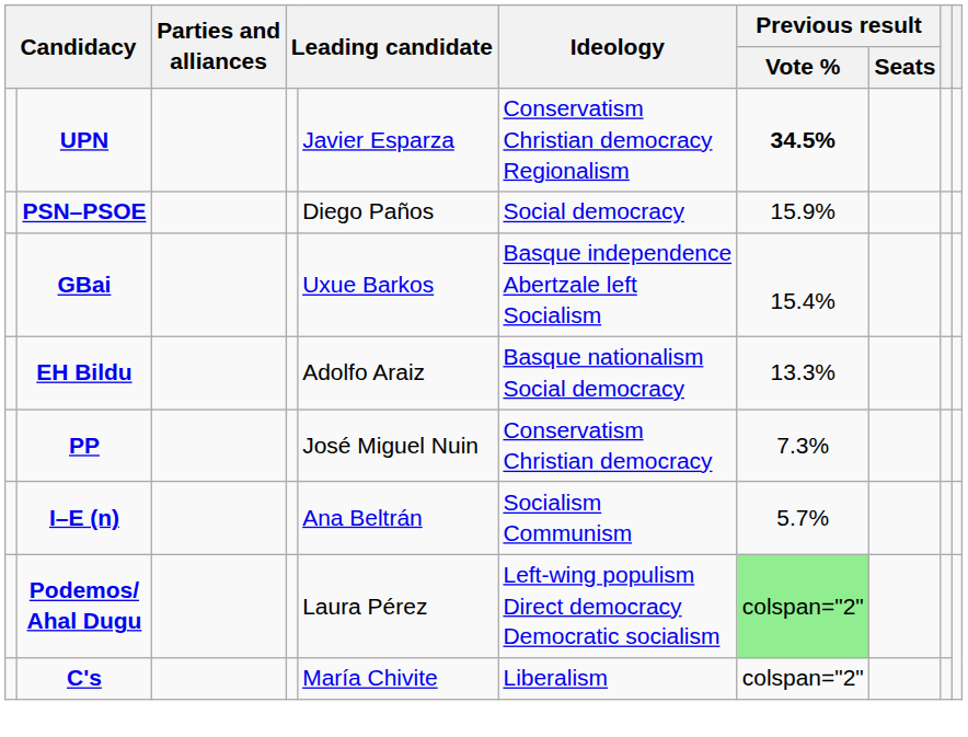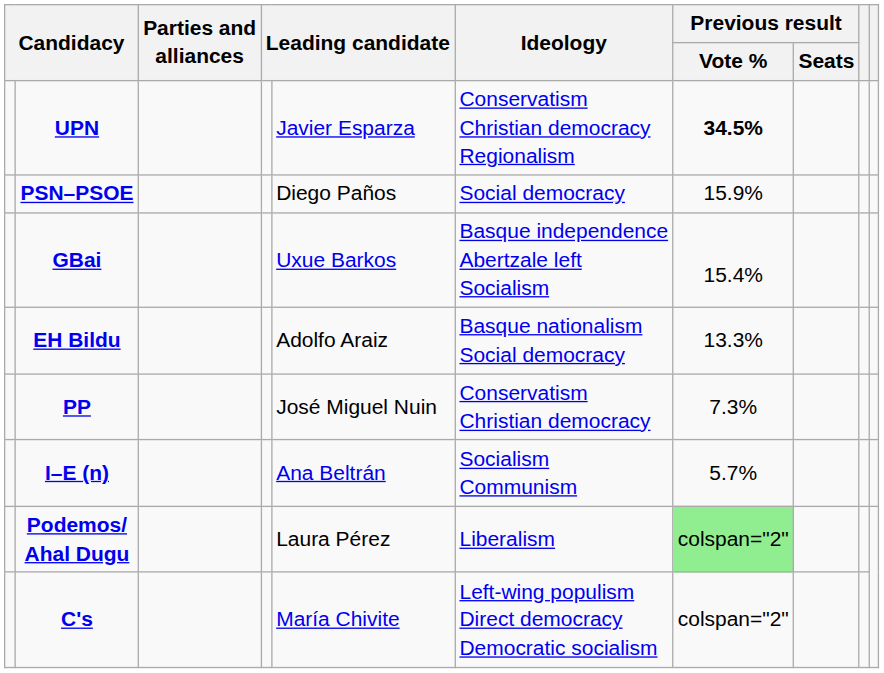 <table class="wikitable" style="line-height:1.35em; text-align:left;">
 <tr>
 <th colspan="2" rowspan="2">Candidacy</th>
 <th rowspan="2">Parties and<br>alliances</th>
 <th colspan="2" rowspan="2">Leading candidate</th>
 <th rowspan="2">Ideology</th>
 <th colspan="2">Previous result</th>
 <th rowspan="2"></th>
 <th rowspan="2"></th>
 </tr>
 <tr>
 <th>Vote %</th>
 <th>Seats</th>
 </tr>
 <tr>
 <td width="1" style="color:inherit;background:"></td>
 <td align="center"><strong><a href='#'>UPN</a></strong></td>
 <td></td>
 <td></td>
 <td><a href='#'>Javier Esparza</a></td>
 <td><a href='#'>Conservatism</a><br><a href='#'>Christian democracy</a><br><a href='#'>Regionalism</a></td>
 <td align="center"><strong>34.5%</strong></td>
 <td></td>
 <td></td>
 <td><br></td>
 </tr>
 <tr>
 <td style="color:inherit;background:"></td>
 <td align="center"><strong><a href='#'>PSN–PSOE</a></strong></td>
 <td></td>
 <td></td>
 <td>Diego Paños</td>
 <td><a href='#'>Social democracy</a></td>
 <td align="center">15.9%</td>
 <td></td>
 <td></td>
 <td><br></td>
 </tr>
 <tr>
 <td style="color:inherit;background:"></td>
 <td align="center"><strong><a href='#'>GBai</a></strong></td>
 <td></td>
 <td></td>
 <td><a href='#'>Uxue Barkos</a></td>
 <td><a href='#'>Basque independence</a><br><a href='#'>Abertzale left</a><br><a href='#'>Socialism</a></td>
 <td align="center"><br>15.4%<br></td>
 <td></td>
 <td></td>
 <td><br></td>
 </tr>
 <tr>
 <td style="color:inherit;background:"></td>
 <td align="center"><strong><a href='#'>EH Bildu</a></strong></td>
 <td></td>
 <td></td>
 <td>Adolfo Araiz</td>
 <td><a href='#'>Basque nationalism</a><br><a href='#'>Social democracy</a></td>
 <td align="center">13.3%</td>
 <td></td>
 <td></td>
 <td></td>
 </tr>
 <tr>
 <td style="color:inherit;background:"></td>
 <td align="center"><strong><a href='#'>PP</a></strong></td>
 <td></td>
 <td></td>
 <td>José Miguel Nuin</td>
 <td><a href='#'>Conservatism</a><br><a href='#'>Christian democracy</a></td>
 <td align="center">7.3%</td>
 <td></td>
 <td></td>
 <td></td>
 </tr>
 <tr>
 <td style="color:inherit;background:"></td>
 <td align="center"><strong><a href='#'>I–E (n)</a></strong></td>
 <td></td>
 <td></td>
 <td><a href='#'>Ana Beltrán</a></td>
 <td><a href='#'>Socialism</a><br><a href='#'>Communism</a></td>
 <td align="center">5.7%</td>
 <td></td>
 <td></td>
 <td></td>
 </tr>
 <tr>
 <td style="color:inherit;background:"></td>
 <td align="center"><strong><a href='#'>Podemos/<br>Ahal Dugu</a></strong></td>
 <td></td>
 <td></td>
 <td>Laura Pérez</td>
-<td><a href='#'>Left-wing populism</a><br><a href='#'>Direct democracy</a><br><a href='#'>Democratic socialism</a></td>
+<td><a href='#'>Liberalism</a></td>
 <td style="background: lightgreen;">colspan="2" </td>
 <td></td>
 <td></td>
 </tr>
 <tr>
 <td style="color:inherit;background:"></td>
 <td align="center"><strong><a href='#'>C's</a></strong></td>
 <td></td>
 <td></td>
 <td><a href='#'>María Chivite</a></td>
-<td><a href='#'>Liberalism</a></td>
+<td><a href='#'>Left-wing populism</a><br><a href='#'>Direct democracy</a><br><a href='#'>Democratic socialism</a></td>
 <td>colspan="2" </td>
 <td></td>
 <td></td>
 </tr>
 </table>
